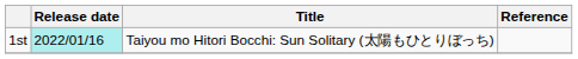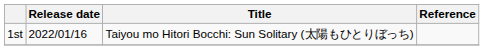 <table class=wikitable style="font-size:small">
 <tr>
 <th></th>
 <th>Release date</th>
 <th>Title</th>
 <th>Reference</th>
 </tr>
 <tr>
 <td>1st</td>
-<td style="background: paleturquoise;">2022/01/16</td>
+<td>2022/01/16</td>
 <td>Taiyou mo Hitori Bocchi: Sun Solitary (太陽もひとりぼっち)</td>
 <td></td>
 </tr>
 <tr>
 </tr>
 </table>
